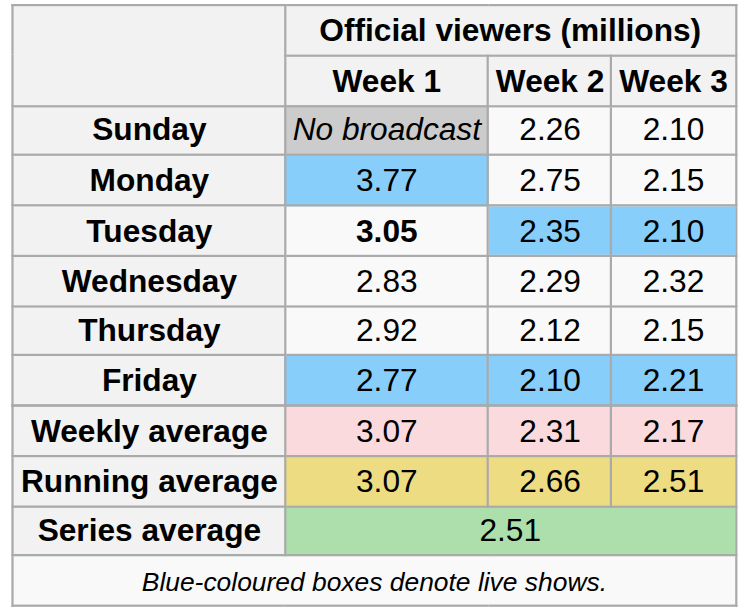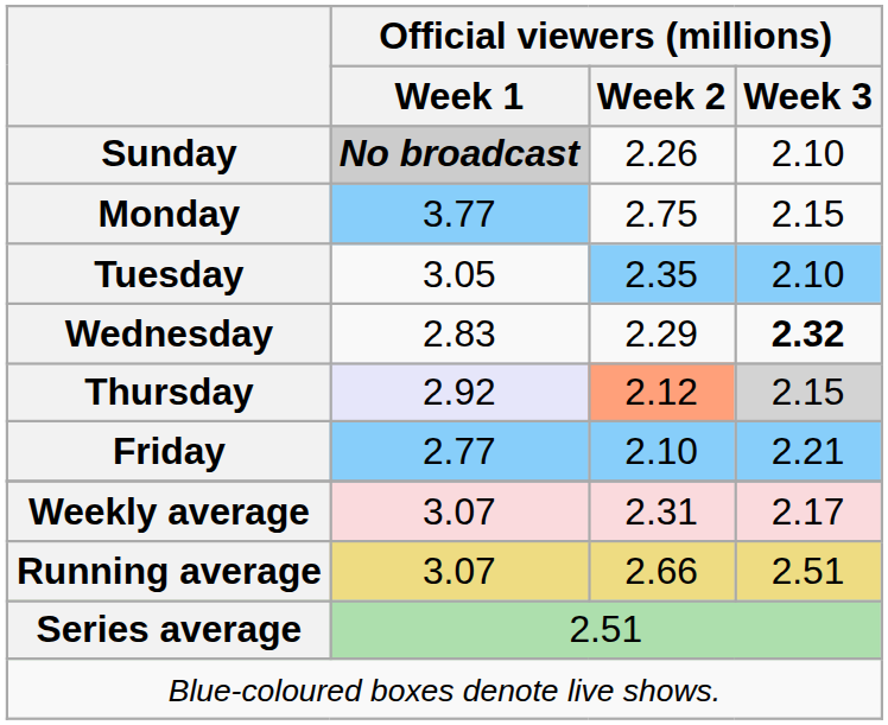 <table class="wikitable" style="font-size:90%; text-align:center; margin-left: auto; margin-right: auto;">
 <tr>
 <th scope="col" rowspan="2"></th>
 <th scope=col colspan=3>Official viewers (millions)</th>
 </tr>
 <tr>
 <th>Week 1</th>
 <th>Week 2</th>
 <th>Week 3</th>
 </tr>
 <tr>
 <th>Sunday</th>
-<td style="background:#ccc;"><em>No broadcast</em></td>
+<td style="background:#ccc;"><strong><em>No broadcast</em></strong></td>
 <td>2.26</td>
 <td>2.10</td>
 </tr>
 <tr>
 <th>Monday</th>
 <td style="background:#87CEFA;">3.77</td>
 <td>2.75</td>
 <td>2.15</td>
 </tr>
 <tr>
 <th>Tuesday</th>
-<td><strong>3.05</strong></td>
+<td>3.05</td>
 <td style="background:#87CEFA;">2.35</td>
 <td style="background:#87CEFA;">2.10</td>
 </tr>
 <tr>
 <th>Wednesday</th>
 <td>2.83</td>
 <td>2.29</td>
-<td>2.32</td>
+<td><strong>2.32</strong></td>
 </tr>
 <tr>
 <th>Thursday</th>
-<td>2.92</td>
-<td>2.12</td>
-<td>2.15</td>
+<td style="background: lavender;">2.92</td>
+<td style="background: lightsalmon;">2.12</td>
+<td style="background: lightgrey;">2.15</td>
 </tr>
 <tr>
 <th>Friday</th>
 <td style="background:#87CEFA;">2.77</td>
 <td style="background:#87CEFA;">2.10</td>
 <td style="background:#87CEFA;">2.21</td>
 </tr>
 <tr>
 </tr>
 <tr style="background:#FADADD;" |>
 <th>Weekly average</th>
 <td>3.07</td>
 <td>2.31</td>
 <td>2.17</td>
 </tr>
 <tr style="background:#EEDC82;" |>
 <th>Running average</th>
 <td>3.07</td>
 <td>2.66</td>
 <td>2.51</td>
 </tr>
 <tr style="background:#ADDFAD;" |>
 <th>Series average</th>
 <td colspan="3">2.51</td>
 </tr>
 <tr>
 <td colspan=5><small><em>Blue-coloured boxes denote live shows.</em></small></td>
 </tr>
 </table>
